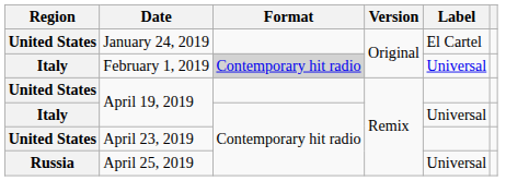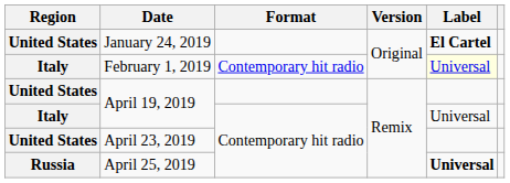 <table class="wikitable plainrowheaders">
 <tr>
 <th scope="col">Region</th>
 <th scope="col">Date</th>
 <th scope="col">Format</th>
 <th scope="col">Version</th>
 <th scope="col">Label</th>
 <th scope="col"></th>
 </tr>
 <tr>
 <th scope="row">United States</th>
 <td>January 24, 2019</td>
 <td></td>
 <td rowspan="2">Original</td>
-<td>El Cartel</td>
+<td><strong>El Cartel</strong></td>
 <td align="center"></td>
 </tr>
 <tr>
 <th scope="row">Italy</th>
 <td>February 1, 2019</td>
-<td style="background: lightgrey;"><a href='#'>Contemporary hit radio</a></td>
-<td><a href='#'>Universal</a></td>
+<td><a href='#'>Contemporary hit radio</a></td>
+<td style="background: lightyellow;"><a href='#'>Universal</a></td>
 <td align="center"></td>
 </tr>
 <tr>
 <th scope="row">United States</th>
 <td rowspan="2">April 19, 2019</td>
 <td></td>
 <td rowspan="4">Remix</td>
 <td></td>
 <td align="center"></td>
 </tr>
 <tr>
 <th scope="row">Italy</th>
 <td rowspan="3">Contemporary hit radio</td>
 <td>Universal</td>
 <td align="center"></td>
 </tr>
 <tr>
 <th scope="row">United States</th>
 <td>April 23, 2019</td>
 <td></td>
 <td align="center"></td>
 </tr>
 <tr>
 <th scope="row">Russia</th>
 <td>April 25, 2019</td>
-<td>Universal</td>
+<td><strong>Universal</strong></td>
 <td align="center"></td>
 </tr>
 </table>
